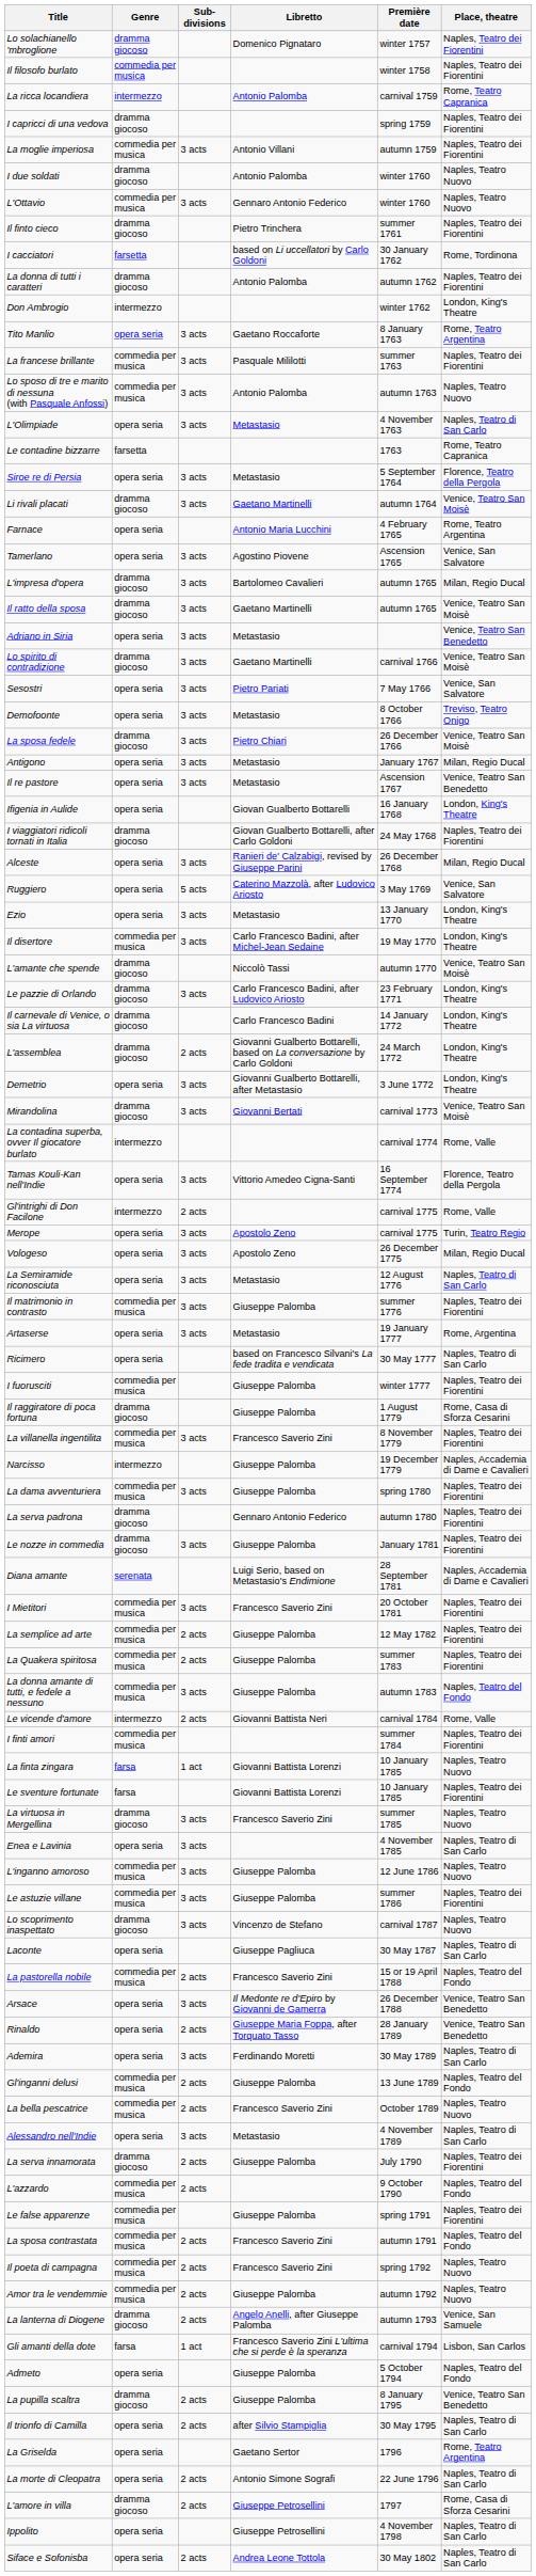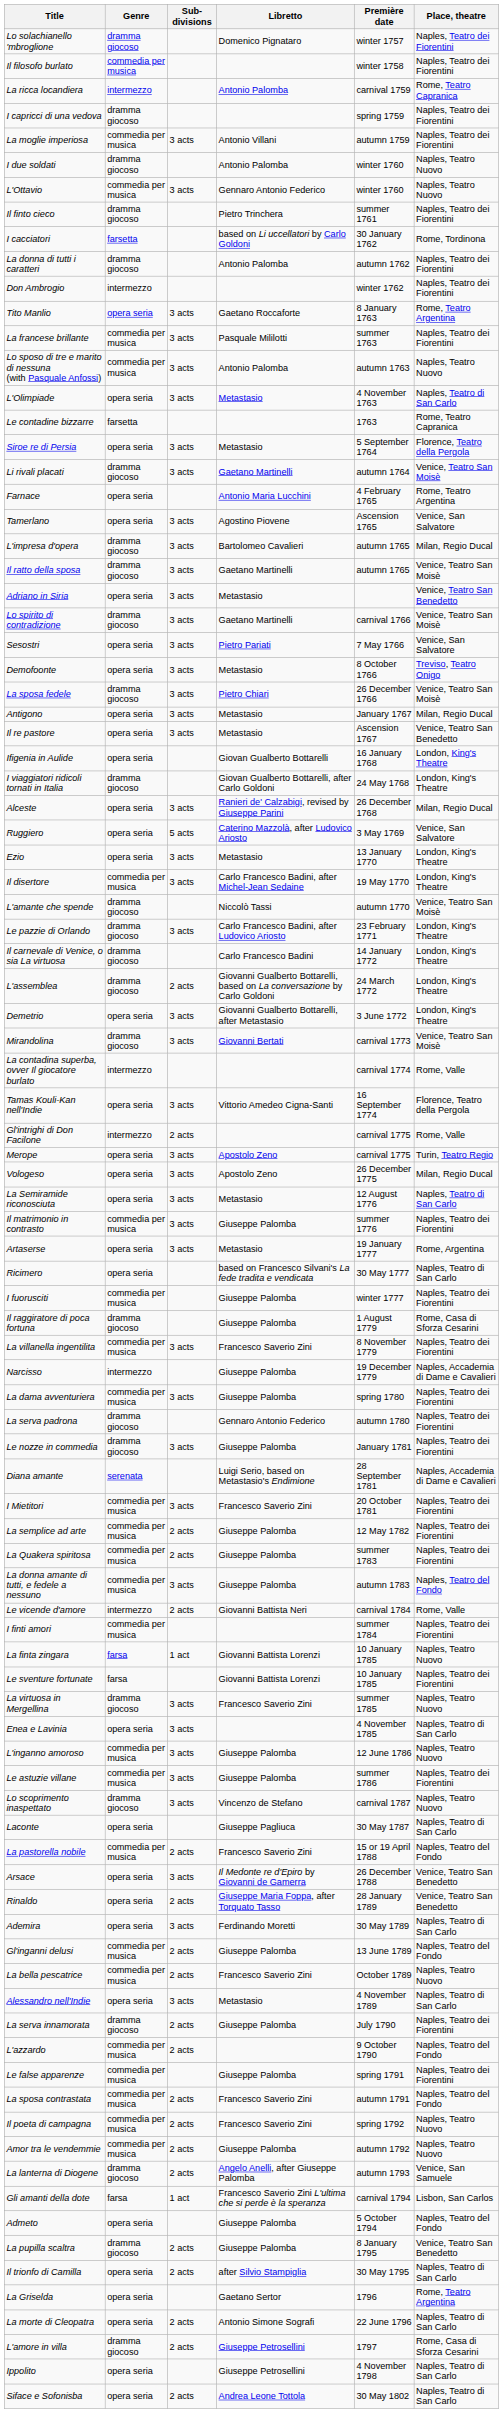 <table class="wikitable sortable">
 <tr>
 <th>Title</th>
 <th>Genre</th>
 <th>Sub­divisions</th>
 <th>Libretto</th>
 <th>Première date</th>
 <th>Place, theatre</th>
 </tr>
 <tr>
 <td><em>Lo solachianello 'mbroglione</em></td>
 <td><a href='#'>dramma giocoso</a></td>
 <td></td>
 <td>Domenico Pignataro</td>
 <td>winter 1757</td>
 <td>Naples, <a href='#'>Teatro dei Fiorentini</a></td>
 </tr>
 <tr>
 <td><em>Il filosofo burlato</em></td>
 <td><a href='#'>commedia per musica</a></td>
 <td></td>
 <td></td>
 <td>winter 1758</td>
 <td>Naples, Teatro dei Fiorentini</td>
 </tr>
 <tr>
 <td><em>La ricca locandiera</em></td>
 <td><a href='#'>intermezzo</a></td>
 <td></td>
 <td><a href='#'>Antonio Palomba</a></td>
 <td>carnival 1759</td>
 <td>Rome, <a href='#'>Teatro Capranica</a></td>
 </tr>
 <tr>
 <td><em>I capricci di una vedova</em></td>
 <td>dramma giocoso</td>
 <td></td>
 <td></td>
 <td>spring 1759</td>
 <td>Naples, Teatro dei Fiorentini</td>
 </tr>
 <tr>
 <td><em>La moglie imperiosa</em></td>
 <td>commedia per musica</td>
 <td>3 acts</td>
 <td>Antonio Villani</td>
 <td>autumn 1759</td>
 <td>Naples, Teatro dei Fiorentini</td>
 </tr>
 <tr>
 <td><em>I due soldati</em></td>
 <td>dramma giocoso</td>
 <td></td>
 <td>Antonio Palomba</td>
 <td>winter 1760</td>
 <td>Naples, Teatro Nuovo</td>
 </tr>
 <tr>
 <td><em>L'Ottavio</em></td>
 <td>commedia per musica</td>
 <td>3 acts</td>
 <td>Gennaro Antonio Federico</td>
 <td>winter 1760</td>
 <td>Naples, Teatro Nuovo</td>
 </tr>
 <tr>
 <td><em>Il finto cieco</em></td>
 <td>dramma giocoso</td>
 <td></td>
 <td>Pietro Trinchera</td>
 <td>summer 1761</td>
 <td>Naples, Teatro dei Fiorentini</td>
 </tr>
 <tr>
 <td><em>I cacciatori</em></td>
 <td><a href='#'>farsetta</a></td>
 <td></td>
 <td>based on <em>Li uccellatori</em> by <a href='#'>Carlo Goldoni</a></td>
 <td>30 January 1762</td>
 <td>Rome, Tordinona</td>
 </tr>
 <tr>
 <td><em>La donna di tutti i caratteri</em></td>
 <td>dramma giocoso</td>
 <td></td>
 <td>Antonio Palomba</td>
 <td>autumn 1762</td>
 <td>Naples, Teatro dei Fiorentini</td>
 </tr>
 <tr>
 <td><em>Don Ambrogio</em></td>
 <td>intermezzo</td>
 <td></td>
 <td></td>
 <td>winter 1762</td>
-<td>London, King's Theatre</td>
+<td>Naples, Teatro dei Fiorentini</td>
 </tr>
 <tr>
 <td><em>Tito Manlio</em></td>
 <td><a href='#'>opera seria</a></td>
 <td>3 acts</td>
 <td>Gaetano Roccaforte</td>
 <td>8 January 1763</td>
 <td>Rome, <a href='#'>Teatro Argentina</a></td>
 </tr>
 <tr>
 <td><em>La francese brillante</em></td>
 <td>commedia per musica</td>
 <td>3 acts</td>
 <td>Pasquale Mililotti</td>
 <td>summer 1763</td>
 <td>Naples, Teatro dei Fiorentini</td>
 </tr>
 <tr>
 <td><em>Lo sposo di tre e marito di nessuna</em><br>(with <a href='#'>Pasquale Anfossi</a>)</td>
 <td>commedia per musica</td>
 <td>3 acts</td>
 <td>Antonio Palomba</td>
 <td>autumn 1763</td>
 <td>Naples, Teatro Nuovo</td>
 </tr>
 <tr>
 <td><em>L'Olimpiade</em></td>
 <td>opera seria</td>
 <td>3 acts</td>
 <td><a href='#'>Metastasio</a></td>
 <td>4 November 1763</td>
 <td>Naples, <a href='#'>Teatro di San Carlo</a></td>
 </tr>
 <tr>
 <td><em>Le contadine bizzarre</em></td>
 <td>farsetta</td>
 <td></td>
 <td></td>
 <td>1763</td>
 <td>Rome, Teatro Capranica</td>
 </tr>
 <tr>
 <td><em><a href='#'>Siroe re di Persia</a></em></td>
 <td>opera seria</td>
 <td>3 acts</td>
 <td>Metastasio</td>
 <td>5 September 1764</td>
 <td>Florence, <a href='#'>Teatro della Pergola</a></td>
 </tr>
 <tr>
 <td><em>Li rivali placati</em></td>
 <td>dramma giocoso</td>
 <td>3 acts</td>
 <td><a href='#'>Gaetano Martinelli</a></td>
 <td>autumn 1764</td>
 <td>Venice, <a href='#'>Teatro San Moisè</a></td>
 </tr>
 <tr>
 <td><em>Farnace</em></td>
 <td>opera seria</td>
 <td></td>
 <td><a href='#'>Antonio Maria Lucchini</a></td>
 <td>4 February 1765</td>
 <td>Rome, Teatro Argentina</td>
 </tr>
 <tr>
 <td><em>Tamerlano</em></td>
 <td>opera seria</td>
 <td>3 acts</td>
 <td>Agostino Piovene</td>
 <td>Ascension 1765</td>
 <td>Venice, San Salvatore</td>
 </tr>
 <tr>
 <td><em>L'impresa d'opera</em></td>
 <td>dramma giocoso</td>
 <td>3 acts</td>
 <td>Bartolomeo Cavalieri</td>
 <td>autumn 1765</td>
 <td>Milan, Regio Ducal</td>
 </tr>
 <tr>
 <td><em><a href='#'>Il ratto della sposa</a></em></td>
 <td>dramma giocoso</td>
 <td>3 acts</td>
 <td>Gaetano Martinelli</td>
 <td>autumn 1765</td>
 <td>Venice, Teatro San Moisè</td>
 </tr>
 <tr>
 <td><em><a href='#'>Adriano in Siria</a></em></td>
 <td>opera seria</td>
 <td>3 acts</td>
 <td>Metastasio</td>
 <td></td>
 <td>Venice, <a href='#'>Teatro San Benedetto</a></td>
 </tr>
 <tr>
 <td><em><a href='#'>Lo spirito di contradizione</a></em></td>
 <td>dramma giocoso</td>
 <td>3 acts</td>
 <td>Gaetano Martinelli</td>
 <td>carnival 1766</td>
 <td>Venice, Teatro San Moisè</td>
 </tr>
 <tr>
 <td><em>Sesostri</em></td>
 <td>opera seria</td>
 <td>3 acts</td>
 <td><a href='#'>Pietro Pariati</a></td>
 <td>7 May 1766</td>
 <td>Venice, San Salvatore</td>
 </tr>
 <tr>
 <td><em>Demofoonte</em></td>
 <td>opera seria</td>
 <td>3 acts</td>
 <td>Metastasio</td>
 <td>8 October 1766</td>
 <td><a href='#'>Treviso</a>, <a href='#'>Teatro Onigo</a></td>
 </tr>
 <tr>
 <td><em><a href='#'>La sposa fedele</a></em></td>
 <td>dramma giocoso</td>
 <td>3 acts</td>
 <td><a href='#'>Pietro Chiari</a></td>
 <td>26 December 1766</td>
 <td>Venice, Teatro San Moisè</td>
 </tr>
 <tr>
 <td><em>Antigono</em></td>
 <td>opera seria</td>
 <td>3 acts</td>
 <td>Metastasio</td>
 <td>January 1767</td>
 <td>Milan, Regio Ducal</td>
 </tr>
 <tr>
 <td><em>Il re pastore</em></td>
 <td>opera seria</td>
 <td>3 acts</td>
 <td>Metastasio</td>
 <td>Ascension 1767</td>
 <td>Venice, Teatro San Benedetto</td>
 </tr>
 <tr>
 <td><em>Ifigenia in Aulide</em></td>
 <td>opera seria</td>
 <td></td>
 <td>Giovan Gualberto Bottarelli</td>
 <td>16 January 1768</td>
 <td>London, <a href='#'>King's Theatre</a></td>
 </tr>
 <tr>
 <td><em>I viaggiatori ridicoli tornati in Italia</em></td>
 <td>dramma giocoso</td>
 <td></td>
 <td>Giovan Gualberto Bottarelli, after Carlo Goldoni</td>
 <td>24 May 1768</td>
-<td>Naples, Teatro dei Fiorentini</td>
+<td>London, King's Theatre</td>
 </tr>
 <tr>
 <td><em>Alceste</em></td>
 <td>opera seria</td>
 <td>3 acts</td>
 <td><a href='#'>Ranieri de' Calzabigi</a>, revised by <a href='#'>Giuseppe Parini</a></td>
 <td>26 December 1768</td>
 <td>Milan, Regio Ducal</td>
 </tr>
 <tr>
 <td><em>Ruggiero</em></td>
 <td>opera seria</td>
 <td>5 acts</td>
 <td><a href='#'>Caterino Mazzolà</a>, after <a href='#'>Ludovico Ariosto</a></td>
 <td>3 May 1769</td>
 <td>Venice, San Salvatore</td>
 </tr>
 <tr>
 <td><em>Ezio</em></td>
 <td>opera seria</td>
 <td>3 acts</td>
 <td>Metastasio</td>
 <td>13 January 1770</td>
 <td>London, King's Theatre</td>
 </tr>
 <tr>
 <td><em>Il disertore</em></td>
 <td>commedia per musica</td>
 <td>3 acts</td>
 <td>Carlo Francesco Badini, after <a href='#'>Michel-Jean Sedaine</a></td>
 <td>19 May 1770</td>
 <td>London, King's Theatre</td>
 </tr>
 <tr>
 <td><em>L'amante che spende</em></td>
 <td>dramma giocoso</td>
 <td></td>
 <td>Niccolò Tassi</td>
 <td>autumn 1770</td>
 <td>Venice, Teatro San Moisè</td>
 </tr>
 <tr>
 <td><em>Le pazzie di Orlando</em></td>
 <td>dramma giocoso</td>
 <td>3 acts</td>
 <td>Carlo Francesco Badini, after <a href='#'>Ludovico Ariosto</a></td>
 <td>23 February 1771</td>
 <td>London, King's Theatre</td>
 </tr>
 <tr>
 <td><em>Il carnevale di Venice, o sia La virtuosa</em></td>
 <td>dramma giocoso</td>
 <td></td>
 <td>Carlo Francesco Badini</td>
 <td>14 January 1772</td>
 <td>London, King's Theatre</td>
 </tr>
 <tr>
 <td><em>L'assemblea</em></td>
 <td>dramma giocoso</td>
 <td>2 acts</td>
 <td>Giovanni Gualberto Bottarelli, based on <em>La conversazione</em> by Carlo Goldoni</td>
 <td>24 March 1772</td>
 <td>London, King's Theatre</td>
 </tr>
 <tr>
 <td><em>Demetrio</em></td>
 <td>opera seria</td>
 <td>3 acts</td>
 <td>Giovanni Gualberto Bottarelli, after Metastasio</td>
 <td>3 June 1772</td>
 <td>London, King's Theatre</td>
 </tr>
 <tr>
 <td><em>Mirandolina</em></td>
 <td>dramma giocoso</td>
 <td>3 acts</td>
 <td><a href='#'>Giovanni Bertati</a></td>
 <td>carnival 1773</td>
 <td>Venice, Teatro San Moisè</td>
 </tr>
 <tr>
 <td><em>La contadina superba, ovver Il giocatore burlato</em></td>
 <td>intermezzo</td>
 <td></td>
 <td></td>
 <td>carnival 1774</td>
 <td>Rome, Valle</td>
 </tr>
 <tr>
 <td><em>Tamas Kouli-Kan nell'Indie</em></td>
 <td>opera seria</td>
 <td>3 acts</td>
 <td>Vittorio Amedeo Cigna-Santi</td>
 <td>16 September 1774</td>
 <td>Florence, Teatro della Pergola</td>
 </tr>
 <tr>
 <td><em>Gl'intrighi di Don Facilone</em></td>
 <td>intermezzo</td>
 <td>2 acts</td>
 <td></td>
 <td>carnival 1775</td>
 <td>Rome, Valle</td>
 </tr>
 <tr>
 <td><em>Merope</em></td>
 <td>opera seria</td>
 <td>3 acts</td>
 <td><a href='#'>Apostolo Zeno</a></td>
 <td>carnival 1775</td>
 <td>Turin, <a href='#'>Teatro Regio</a></td>
 </tr>
 <tr>
 <td><em>Vologeso</em></td>
 <td>opera seria</td>
 <td>3 acts</td>
 <td>Apostolo Zeno</td>
 <td>26 December 1775</td>
 <td>Milan, Regio Ducal</td>
 </tr>
 <tr>
 <td><em>La Semiramide riconosciuta</em></td>
 <td>opera seria</td>
 <td>3 acts</td>
 <td>Metastasio</td>
 <td>12 August 1776</td>
 <td>Naples, <a href='#'>Teatro di San Carlo</a></td>
 </tr>
 <tr>
 <td><em>Il matrimonio in contrasto</em></td>
 <td>commedia per musica</td>
 <td>3 acts</td>
 <td>Giuseppe Palomba</td>
 <td>summer 1776</td>
 <td>Naples, Teatro dei Fiorentini</td>
 </tr>
 <tr>
 <td><em>Artaserse</em></td>
 <td>opera seria</td>
 <td>3 acts</td>
 <td>Metastasio</td>
 <td>19 January 1777</td>
 <td>Rome, Argentina</td>
 </tr>
 <tr>
 <td><em>Ricimero</em></td>
 <td>opera seria</td>
 <td></td>
 <td>based on Francesco Silvani's <em>La fede tradita e vendicata</em></td>
 <td>30 May 1777</td>
 <td>Naples, Teatro di San Carlo</td>
 </tr>
 <tr>
 <td><em>I fuorusciti</em></td>
 <td>commedia per musica</td>
 <td></td>
 <td>Giuseppe Palomba</td>
 <td>winter 1777</td>
 <td>Naples, Teatro dei Fiorentini</td>
 </tr>
 <tr>
 <td><em>Il raggiratore di poca fortuna</em></td>
 <td>dramma giocoso</td>
 <td></td>
 <td>Giuseppe Palomba</td>
 <td>1 August 1779</td>
 <td>Rome, Casa di Sforza Cesarini</td>
 </tr>
 <tr>
 <td><em>La villanella ingentilita</em></td>
 <td>commedia per musica</td>
 <td>3 acts</td>
 <td>Francesco Saverio Zini</td>
 <td>8 November 1779</td>
 <td>Naples, Teatro dei Fiorentini</td>
 </tr>
 <tr>
 <td><em>Narcisso</em></td>
 <td>intermezzo</td>
 <td></td>
 <td>Giuseppe Palomba</td>
 <td>19 December 1779</td>
 <td>Naples, Accademia di Dame e Cavalieri</td>
 </tr>
 <tr>
 <td><em>La dama avventuriera</em></td>
 <td>commedia per musica</td>
 <td>3 acts</td>
 <td>Giuseppe Palomba</td>
 <td>spring 1780</td>
 <td>Naples, Teatro dei Fiorentini</td>
 </tr>
 <tr>
 <td><em>La serva padrona</em></td>
 <td>dramma giocoso</td>
 <td></td>
 <td>Gennaro Antonio Federico</td>
 <td>autumn 1780</td>
 <td>Naples, Teatro dei Fiorentini</td>
 </tr>
 <tr>
 <td><em>Le nozze in commedia</em></td>
 <td>dramma giocoso</td>
 <td>3 acts</td>
 <td>Giuseppe Palomba</td>
 <td>January 1781</td>
 <td>Naples, Teatro dei Fiorentini</td>
 </tr>
 <tr>
 <td><em>Diana amante</em></td>
 <td><a href='#'>serenata</a></td>
 <td></td>
 <td>Luigi Serio, based on Metastasio's <em>Endimione</em></td>
 <td>28 September 1781</td>
 <td>Naples, Accademia di Dame e Cavalieri</td>
 </tr>
 <tr>
 <td><em>I Mietitori</em></td>
 <td>commedia per musica</td>
 <td>3 acts</td>
 <td>Francesco Saverio Zini</td>
 <td>20 October 1781</td>
 <td>Naples, Teatro dei Fiorentini</td>
 </tr>
 <tr>
 <td><em>La semplice ad arte</em></td>
 <td>commedia per musica</td>
 <td>2 acts</td>
 <td>Giuseppe Palomba</td>
 <td>12 May 1782</td>
 <td>Naples, Teatro dei Fiorentini</td>
 </tr>
 <tr>
 <td><em>La Quakera spiritosa</em></td>
 <td>commedia per musica</td>
 <td>2 acts</td>
 <td>Giuseppe Palomba</td>
 <td>summer 1783</td>
 <td>Naples, Teatro dei Fiorentini</td>
 </tr>
 <tr>
 <td><em>La donna amante di tutti, e fedele a nessuno</em></td>
 <td>commedia per musica</td>
 <td>3 acts</td>
 <td>Giuseppe Palomba</td>
 <td>autumn 1783</td>
 <td>Naples, <a href='#'>Teatro del Fondo</a></td>
 </tr>
 <tr>
 <td><em>Le vicende d'amore</em></td>
 <td>intermezzo</td>
 <td>2 acts</td>
 <td>Giovanni Battista Neri</td>
 <td>carnival 1784</td>
 <td>Rome, Valle</td>
 </tr>
 <tr>
 <td><em>I finti amori</em></td>
 <td>commedia per musica</td>
 <td></td>
 <td></td>
 <td>summer 1784</td>
 <td>Naples, Teatro dei Fiorentini</td>
 </tr>
 <tr>
 <td><em>La finta zingara</em></td>
 <td><a href='#'>farsa</a></td>
 <td>1 act</td>
 <td>Giovanni Battista Lorenzi</td>
 <td>10 January 1785</td>
 <td>Naples, Teatro Nuovo</td>
 </tr>
 <tr>
 <td><em>Le sventure fortunate</em></td>
 <td>farsa</td>
 <td></td>
 <td>Giovanni Battista Lorenzi</td>
 <td>10 January 1785</td>
 <td>Naples, Teatro dei Fiorentini</td>
 </tr>
 <tr>
 <td><em>La virtuosa in Mergellina</em></td>
 <td>dramma giocoso</td>
 <td>3 acts</td>
 <td>Francesco Saverio Zini</td>
 <td>summer 1785</td>
 <td>Naples, Teatro Nuovo</td>
 </tr>
 <tr>
 <td><em>Enea e Lavinia</em></td>
 <td>opera seria</td>
 <td>3 acts</td>
 <td></td>
 <td>4 November 1785</td>
 <td>Naples, Teatro di San Carlo</td>
 </tr>
 <tr>
 <td><em>L'inganno amoroso</em></td>
 <td>commedia per musica</td>
 <td>3 acts</td>
 <td>Giuseppe Palomba</td>
 <td>12 June 1786</td>
 <td>Naples, Teatro Nuovo</td>
 </tr>
 <tr>
 <td><em>Le astuzie villane</em></td>
 <td>commedia per musica</td>
 <td>3 acts</td>
 <td>Giuseppe Palomba</td>
 <td>summer 1786</td>
 <td>Naples, Teatro dei Fiorentini</td>
 </tr>
 <tr>
 <td><em>Lo scoprimento inaspettato</em></td>
 <td>dramma giocoso</td>
 <td>3 acts</td>
 <td>Vincenzo de Stefano</td>
 <td>carnival 1787</td>
 <td>Naples, Teatro Nuovo</td>
 </tr>
 <tr>
 <td><em>Laconte</em></td>
 <td>opera seria</td>
 <td></td>
 <td>Giuseppe Pagliuca</td>
 <td>30 May 1787</td>
 <td>Naples, Teatro di San Carlo</td>
 </tr>
 <tr>
 <td><em><a href='#'>La pastorella nobile</a></em></td>
 <td>commedia per musica</td>
 <td>2 acts</td>
 <td>Francesco Saverio Zini</td>
 <td>15 or 19 April 1788</td>
 <td>Naples, Teatro del Fondo</td>
 </tr>
 <tr>
 <td><em>Arsace</em></td>
 <td>opera seria</td>
 <td>3 acts</td>
 <td><em>Il Medonte re d'Epiro</em> by <a href='#'>Giovanni de Gamerra</a></td>
 <td>26 December 1788</td>
 <td>Venice, Teatro San Benedetto</td>
 </tr>
 <tr>
 <td><em>Rinaldo</em></td>
 <td>opera seria</td>
 <td>2 acts</td>
 <td><a href='#'>Giuseppe Maria Foppa</a>, after <a href='#'>Torquato Tasso</a></td>
 <td>28 January 1789</td>
 <td>Venice, Teatro San Benedetto</td>
 </tr>
 <tr>
 <td><em>Ademira</em></td>
 <td>opera seria</td>
 <td>3 acts</td>
 <td>Ferdinando Moretti</td>
 <td>30 May 1789</td>
 <td>Naples, Teatro di San Carlo</td>
 </tr>
 <tr>
 <td><em>Gl'inganni delusi</em></td>
 <td>commedia per musica</td>
 <td>2 acts</td>
 <td>Giuseppe Palomba</td>
 <td>13 June 1789</td>
 <td>Naples, Teatro del Fondo</td>
 </tr>
 <tr>
 <td><em>La bella pescatrice</em></td>
 <td>commedia per musica</td>
 <td>2 acts</td>
 <td>Francesco Saverio Zini</td>
 <td>October 1789</td>
 <td>Naples, Teatro Nuovo</td>
 </tr>
 <tr>
 <td><em><a href='#'>Alessandro nell'Indie</a></em></td>
 <td>opera seria</td>
 <td>3 acts</td>
 <td>Metastasio</td>
 <td>4 November 1789</td>
 <td>Naples, Teatro di San Carlo</td>
 </tr>
 <tr>
 <td><em>La serva innamorata</em></td>
 <td>dramma giocoso</td>
 <td>2 acts</td>
 <td>Giuseppe Palomba</td>
 <td>July 1790</td>
 <td>Naples, Teatro dei Fiorentini</td>
 </tr>
 <tr>
 <td><em>L'azzardo</em></td>
 <td>commedia per musica</td>
 <td>2 acts</td>
 <td></td>
 <td>9 October 1790</td>
 <td>Naples, Teatro del Fondo</td>
 </tr>
 <tr>
 <td><em>Le false apparenze</em></td>
 <td>commedia per musica</td>
 <td></td>
 <td>Giuseppe Palomba</td>
 <td>spring 1791</td>
 <td>Naples, Teatro dei Fiorentini</td>
 </tr>
 <tr>
 <td><em>La sposa contrastata</em></td>
 <td>commedia per musica</td>
 <td>2 acts</td>
 <td>Francesco Saverio Zini</td>
 <td>autumn 1791</td>
 <td>Naples, Teatro del Fondo</td>
 </tr>
 <tr>
 <td><em>Il poeta di campagna</em></td>
 <td>commedia per musica</td>
 <td>2 acts</td>
 <td>Francesco Saverio Zini</td>
 <td>spring 1792</td>
 <td>Naples, Teatro Nuovo</td>
 </tr>
 <tr>
 <td><em>Amor tra le vendemmie</em></td>
 <td>commedia per musica</td>
 <td>2 acts</td>
 <td>Giuseppe Palomba</td>
 <td>autumn 1792</td>
 <td>Naples, Teatro Nuovo</td>
 </tr>
 <tr>
 <td><em>La lanterna di Diogene</em></td>
 <td>dramma giocoso</td>
 <td>2 acts</td>
 <td><a href='#'>Angelo Anelli</a>, after Giuseppe Palomba</td>
 <td>autumn 1793</td>
 <td>Venice, San Samuele</td>
 </tr>
 <tr>
 <td><em>Gli amanti della dote</em></td>
 <td>farsa</td>
 <td>1 act</td>
 <td>Francesco Saverio Zini <em>L'ultima che si perde è la speranza</em></td>
 <td>carnival 1794</td>
 <td>Lisbon, San Carlos</td>
 </tr>
 <tr>
 <td><em>Admeto</em></td>
 <td>opera seria</td>
 <td></td>
 <td>Giuseppe Palomba</td>
 <td>5 October 1794</td>
 <td>Naples, Teatro del Fondo</td>
 </tr>
 <tr>
 <td><em>La pupilla scaltra</em></td>
 <td>dramma giocoso</td>
 <td>2 acts</td>
 <td>Giuseppe Palomba</td>
 <td>8 January 1795</td>
 <td>Venice, Teatro San Benedetto</td>
 </tr>
 <tr>
 <td><em>Il trionfo di Camilla</em></td>
 <td>opera seria</td>
 <td>2 acts</td>
 <td>after <a href='#'>Silvio Stampiglia</a></td>
 <td>30 May 1795</td>
 <td>Naples, Teatro di San Carlo</td>
 </tr>
 <tr>
 <td><em>La Griselda</em></td>
 <td>opera seria</td>
 <td></td>
 <td>Gaetano Sertor</td>
 <td>1796</td>
 <td>Rome, <a href='#'>Teatro Argentina</a></td>
 </tr>
 <tr>
 <td><em>La morte di Cleopatra</em></td>
 <td>opera seria</td>
 <td>2 acts</td>
 <td>Antonio Simone Sografi</td>
 <td>22 June 1796</td>
 <td>Naples, Teatro di San Carlo</td>
 </tr>
 <tr>
 <td><em>L'amore in villa</em></td>
 <td>dramma giocoso</td>
 <td>2 acts</td>
 <td><a href='#'>Giuseppe Petrosellini</a></td>
 <td>1797</td>
 <td>Rome, Casa di Sforza Cesarini</td>
 </tr>
 <tr>
 <td><em>Ippolito</em></td>
 <td>opera seria</td>
 <td></td>
 <td>Giuseppe Petrosellini</td>
 <td>4 November 1798</td>
 <td>Naples, Teatro di San Carlo</td>
 </tr>
 <tr>
 <td><em>Siface e Sofonisba</em></td>
 <td>opera seria</td>
 <td>2 acts</td>
 <td><a href='#'>Andrea Leone Tottola</a></td>
 <td>30 May 1802</td>
 <td>Naples, Teatro di San Carlo</td>
 </tr>
 </table>
